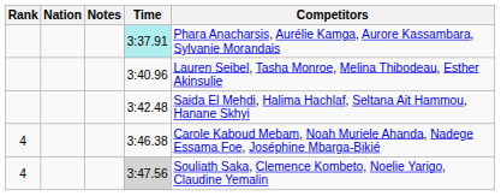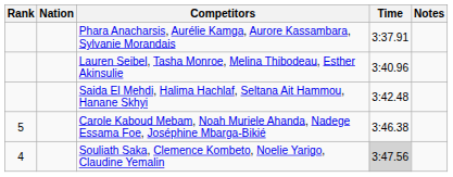 <table class="wikitable sortable" style="text-align:center; font-size:95%">
 <tr>
 <th>Rank</th>
 <th>Nation</th>
+<th>Competitors</th>
+<th>Time</th>
 <th>Notes</th>
-<th>Time</th>
-<th>Competitors</th>
 </tr>
 <tr>
 <td></td>
 <td align=left></td>
+<td align=left><a href='#'>Phara Anacharsis</a>, <a href='#'>Aurélie Kamga</a>, <a href='#'>Aurore Kassambara</a>, <a href='#'>Sylvanie Morandais</a></td>
+<td>3:37.91</td>
 <td></td>
-<td style="background: paleturquoise;">3:37.91</td>
-<td align=left><a href='#'>Phara Anacharsis</a>, <a href='#'>Aurélie Kamga</a>, <a href='#'>Aurore Kassambara</a>, <a href='#'>Sylvanie Morandais</a></td>
 </tr>
 <tr>
 <td></td>
 <td align=left></td>
+<td align=left><a href='#'>Lauren Seibel</a>, <a href='#'>Tasha Monroe</a>, <a href='#'>Melina Thibodeau</a>, <a href='#'>Esther Akinsulie</a></td>
+<td>3:40.96</td>
 <td></td>
-<td>3:40.96</td>
-<td align=left><a href='#'>Lauren Seibel</a>, <a href='#'>Tasha Monroe</a>, <a href='#'>Melina Thibodeau</a>, <a href='#'>Esther Akinsulie</a></td>
 </tr>
 <tr>
 <td></td>
 <td align=left></td>
+<td align=left><a href='#'>Saida El Mehdi</a>, <a href='#'>Halima Hachlaf</a>, <a href='#'>Seltana Ait Hammou</a>, <a href='#'>Hanane Skhyi</a></td>
+<td>3:42.48</td>
 <td></td>
-<td>3:42.48</td>
-<td align=left><a href='#'>Saida El Mehdi</a>, <a href='#'>Halima Hachlaf</a>, <a href='#'>Seltana Ait Hammou</a>, <a href='#'>Hanane Skhyi</a></td>
+</tr>
+<tr>
+<td>5</td>
+<td align=left></td>
+<td align=left><a href='#'>Carole Kaboud Mebam</a>, <a href='#'>Noah Muriele Ahanda</a>, <a href='#'>Nadege Essama Foe</a>, <a href='#'>Joséphine Mbarga-Bikié</a></td>
+<td>3:46.38</td>
+<td></td>
 </tr>
 <tr>
 <td>4</td>
 <td align=left></td>
+<td align=left><a href='#'>Souliath Saka</a>, <a href='#'>Clemence Kombeto</a>, <a href='#'>Noelie Yarigo</a>, <a href='#'>Claudine Yemalin</a></td>
+<td style="background: lightgrey;">3:47.56</td>
 <td></td>
-<td>3:46.38</td>
-<td align=left><a href='#'>Carole Kaboud Mebam</a>, <a href='#'>Noah Muriele Ahanda</a>, <a href='#'>Nadege Essama Foe</a>, <a href='#'>Joséphine Mbarga-Bikié</a></td>
-</tr>
-<tr>
-<td>4</td>
-<td align=left></td>
-<td></td>
-<td style="background: lightgrey;">3:47.56</td>
-<td align=left><a href='#'>Souliath Saka</a>, <a href='#'>Clemence Kombeto</a>, <a href='#'>Noelie Yarigo</a>, <a href='#'>Claudine Yemalin</a></td>
 </tr>
 </table>
